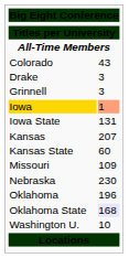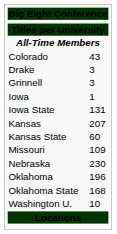 <table class="infobox">
 <tr>
 <th colspan="2" align=center bgcolor="#003300"><span><strong>Big Eight Conference</strong></span></th>
 </tr>
 <tr>
 <td colspan="2" align=center></td>
 </tr>
 <tr>
 <th colspan="2" align=center bgcolor="#003300"><span><strong>Titles per University</strong></span></th>
 </tr>
 <tr>
 <th colspan="2" align=center><em>All-Time Members</em></th>
 </tr>
 <tr>
 <td>Colorado</td>
 <td>43</td>
 </tr>
 <tr>
 <td>Drake</td>
 <td>3</td>
 </tr>
 <tr>
 <td>Grinnell</td>
 <td>3</td>
 </tr>
 <tr>
-<td style="background: gold;">Iowa</td>
-<td style="background: lightsalmon;">1</td>
+<td>Iowa</td>
+<td>1</td>
 </tr>
 <tr>
 <td>Iowa State</td>
 <td>131</td>
 </tr>
 <tr>
 <td>Kansas</td>
 <td>207</td>
 </tr>
 <tr>
 <td>Kansas State</td>
 <td>60</td>
 </tr>
 <tr>
 <td>Missouri</td>
 <td>109</td>
 </tr>
 <tr>
 <td>Nebraska</td>
 <td>230</td>
 </tr>
 <tr>
 <td>Oklahoma</td>
 <td>196</td>
 </tr>
 <tr>
 <td>Oklahoma State</td>
-<td style="background: lavender;">168</td>
+<td>168</td>
 </tr>
 <tr>
 <td>Washington U.</td>
 <td>10</td>
 </tr>
 <tr>
 <th colspan="2" align=center bgcolor="#003300"><span><strong>Locations</strong></span></th>
 </tr>
 <tr>
 <td colspan="2" align=center></td>
 </tr>
 </table>
